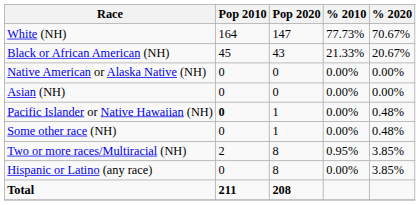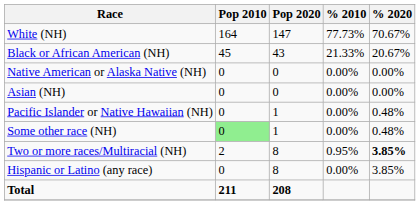 <table class="wikitable">
 <tr>
 <th>Race</th>
 <th>Pop 2010</th>
 <th>Pop 2020</th>
 <th>% 2010</th>
 <th>% 2020</th>
 </tr>
 <tr>
 <td><a href='#'>White</a> (NH)</td>
 <td>164</td>
 <td>147</td>
 <td>77.73%</td>
 <td>70.67%</td>
 </tr>
 <tr>
 <td><a href='#'>Black or African American</a> (NH)</td>
 <td>45</td>
 <td>43</td>
 <td>21.33%</td>
 <td>20.67%</td>
 </tr>
 <tr>
 <td><a href='#'>Native American</a> or <a href='#'>Alaska Native</a> (NH)</td>
 <td>0</td>
 <td>0</td>
 <td>0.00%</td>
 <td>0.00%</td>
 </tr>
 <tr>
 <td><a href='#'>Asian</a> (NH)</td>
 <td>0</td>
 <td>0</td>
 <td>0.00%</td>
 <td>0.00%</td>
 </tr>
 <tr>
 <td><a href='#'>Pacific Islander</a> or <a href='#'>Native Hawaiian</a> (NH)</td>
-<td><strong>0</strong></td>
+<td>0</td>
 <td>1</td>
 <td>0.00%</td>
 <td>0.48%</td>
 </tr>
 <tr>
 <td><a href='#'>Some other race</a> (NH)</td>
-<td>0</td>
+<td style="background: lightgreen;">0</td>
 <td>1</td>
 <td>0.00%</td>
 <td>0.48%</td>
 </tr>
 <tr>
 <td><a href='#'>Two or more races/Multiracial</a> (NH)</td>
 <td>2</td>
 <td>8</td>
 <td>0.95%</td>
-<td>3.85%</td>
+<td><strong>3.85%</strong></td>
 </tr>
 <tr>
 <td><a href='#'>Hispanic or Latino</a> (any race)</td>
 <td>0</td>
 <td>8</td>
 <td>0.00%</td>
 <td>3.85%</td>
 </tr>
 <tr>
 <td><strong>Total</strong></td>
 <td><strong>211</strong></td>
 <td><strong>208</strong></td>
 <td></td>
 <td></td>
 </tr>
 <tr>
 </tr>
 </table>
